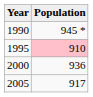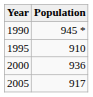 <table class="wikitable left" style="clear:none;">
 <tr>
 <th style="background:#efefef;">Year</th>
 <th style="background:#efefef;">Population</th>
 </tr>
 <tr>
 <td>1990</td>
 <td align="right">945 *</td>
 </tr>
 <tr>
 <td>1995</td>
-<td align="right" style="background: pink;">910</td>
+<td align="right">910</td>
 </tr>
 <tr>
 <td>2000</td>
 <td align="right">936</td>
 </tr>
 <tr>
 <td>2005</td>
 <td align="right">917</td>
 </tr>
 </table>
